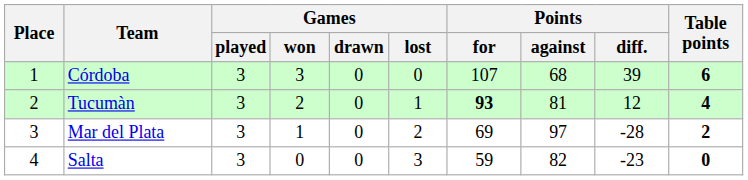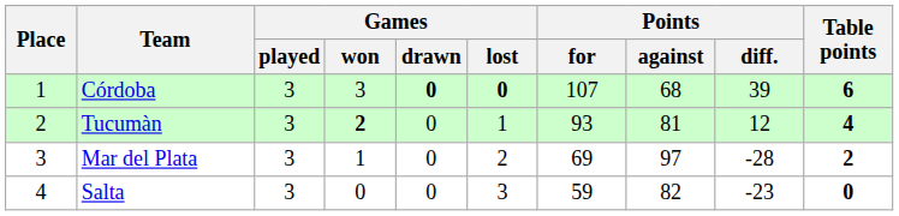 <table class="wikitable">
 <tr>
 <th rowspan=2 width="8%">Place</th>
 <th rowspan=2 width="20%">Team</th>
 <th colspan=4 width="32%">Games</th>
 <th colspan=3 width="30%">Points</th>
 <th rowspan=2 width="10%">Table<br>points</th>
 </tr>
 <tr>
 <th width="8%">played</th>
 <th width="8%">won</th>
 <th width="8%">drawn</th>
 <th width="8%">lost</th>
 <th width="10%">for</th>
 <th width="10%">against</th>
 <th width="10%">diff.</th>
 </tr>
 <tr align=center style="background: #ccffcc;">
 <td>1</td>
 <td align=left><a href='#'>Córdoba</a></td>
 <td>3</td>
 <td>3</td>
-<td>0</td>
-<td>0</td>
+<td><strong>0</strong></td>
+<td><strong>0</strong></td>
 <td>107</td>
 <td>68</td>
 <td>39</td>
 <td><strong>6</strong></td>
 </tr>
 <tr align=center style="background: #ccffcc;">
 <td>2</td>
 <td align=left><a href='#'>Tucumàn</a></td>
 <td>3</td>
-<td>2</td>
+<td><strong>2</strong></td>
 <td>0</td>
 <td>1</td>
-<td><strong>93</strong></td>
+<td>93</td>
 <td>81</td>
 <td>12</td>
 <td><strong>4</strong></td>
 </tr>
 <tr align=center style="background: #ffffff;">
 <td>3</td>
 <td align=left><a href='#'>Mar del Plata</a></td>
 <td>3</td>
 <td>1</td>
 <td>0</td>
 <td>2</td>
 <td>69</td>
 <td>97</td>
 <td>-28</td>
 <td><strong>2</strong></td>
 </tr>
 <tr align=center style="background: #ffffff;">
 <td>4</td>
 <td align=left><a href='#'>Salta</a></td>
 <td>3</td>
 <td>0</td>
 <td>0</td>
 <td>3</td>
 <td>59</td>
 <td>82</td>
 <td>-23</td>
 <td><strong>0</strong></td>
 </tr>
 </table>
